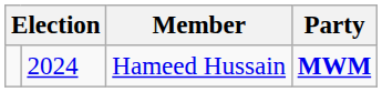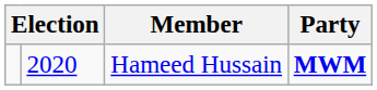 <table class="wikitable">
 <tr>
 <th colspan="2">Election</th>
 <th>Member</th>
 <th>Party</th>
 </tr>
 <tr>
 <td style="background-color: "></td>
-<td><a href='#'>2024</a></td>
+<td><a href='#'>2020</a></td>
 <td><a href='#'>Hameed Hussain</a></td>
 <td><strong><a href='#'>MWM</a></strong></td>
 </tr>
 </table>
